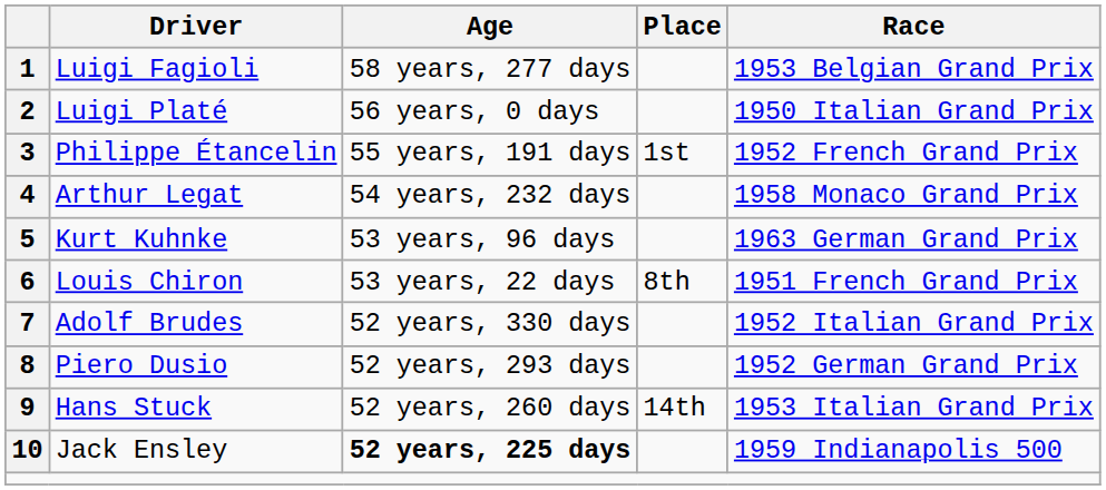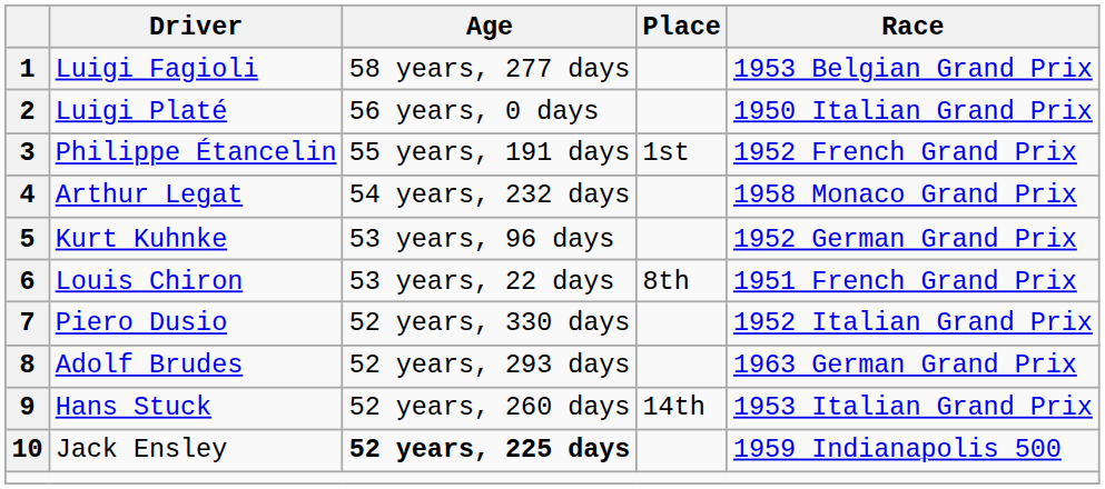 <table class="wikitable">
 <tr>
 <th></th>
 <th>Driver</th>
 <th>Age</th>
 <th>Place</th>
 <th>Race</th>
 </tr>
 <tr>
 <th>1</th>
 <td> <a href='#'>Luigi Fagioli</a></td>
 <td>58 years, 277 days</td>
 <td></td>
 <td><a href='#'>1953 Belgian Grand Prix</a></td>
 </tr>
 <tr>
 <th>2</th>
 <td> <a href='#'>Luigi Platé</a></td>
 <td>56 years, 0 days</td>
 <td></td>
 <td><a href='#'>1950 Italian Grand Prix</a></td>
 </tr>
 <tr>
 <th>3</th>
 <td> <a href='#'>Philippe Étancelin</a></td>
 <td>55 years, 191 days</td>
 <td>1st</td>
 <td><a href='#'>1952 French Grand Prix</a></td>
 </tr>
 <tr>
 <th>4</th>
 <td> <a href='#'>Arthur Legat</a></td>
 <td>54 years, 232 days</td>
 <td></td>
 <td><a href='#'>1958 Monaco Grand Prix</a></td>
 </tr>
 <tr>
 <th>5</th>
 <td> <a href='#'>Kurt Kuhnke</a></td>
 <td>53 years, 96 days</td>
 <td></td>
-<td><a href='#'>1963 German Grand Prix</a></td>
+<td><a href='#'>1952 German Grand Prix</a></td>
 </tr>
 <tr>
 <th>6</th>
 <td> <a href='#'>Louis Chiron</a></td>
 <td>53 years, 22 days</td>
 <td>8th</td>
 <td><a href='#'>1951 French Grand Prix</a></td>
 </tr>
 <tr>
 <th>7</th>
-<td> <a href='#'>Adolf Brudes</a></td>
+<td> <a href='#'>Piero Dusio</a></td>
 <td>52 years, 330 days</td>
 <td></td>
 <td><a href='#'>1952 Italian Grand Prix</a></td>
 </tr>
 <tr>
 <th>8</th>
-<td> <a href='#'>Piero Dusio</a></td>
+<td> <a href='#'>Adolf Brudes</a></td>
 <td>52 years, 293 days</td>
 <td></td>
-<td><a href='#'>1952 German Grand Prix</a></td>
+<td><a href='#'>1963 German Grand Prix</a></td>
 </tr>
 <tr>
 <th>9</th>
 <td> <a href='#'>Hans Stuck</a></td>
 <td>52 years, 260 days</td>
 <td>14th</td>
 <td><a href='#'>1953 Italian Grand Prix</a></td>
 </tr>
 <tr>
 <th>10</th>
 <td> Jack Ensley</td>
 <td><strong>52 years, 225 days</strong></td>
 <td></td>
 <td><a href='#'>1959 Indianapolis 500</a></td>
 </tr>
 <tr>
 <td colspan=5></td>
 </tr>
 </table>
